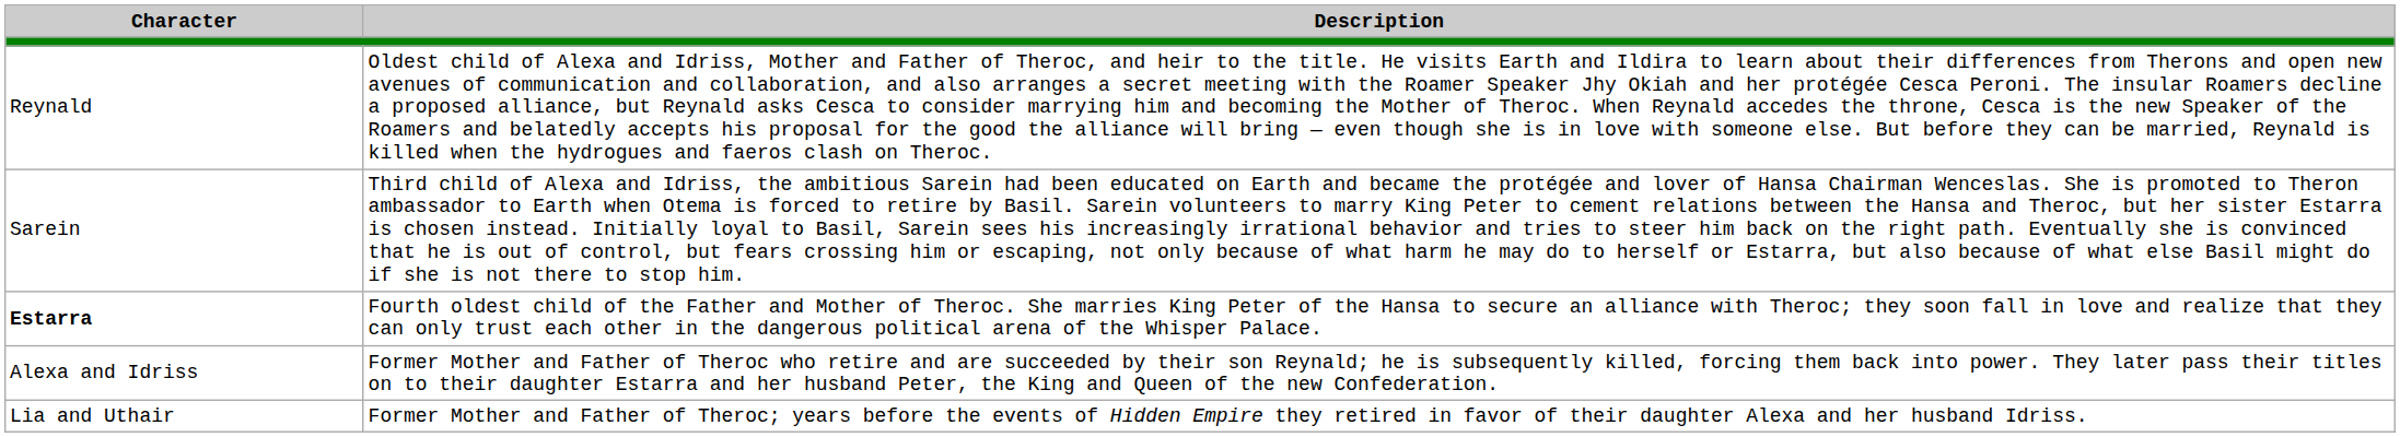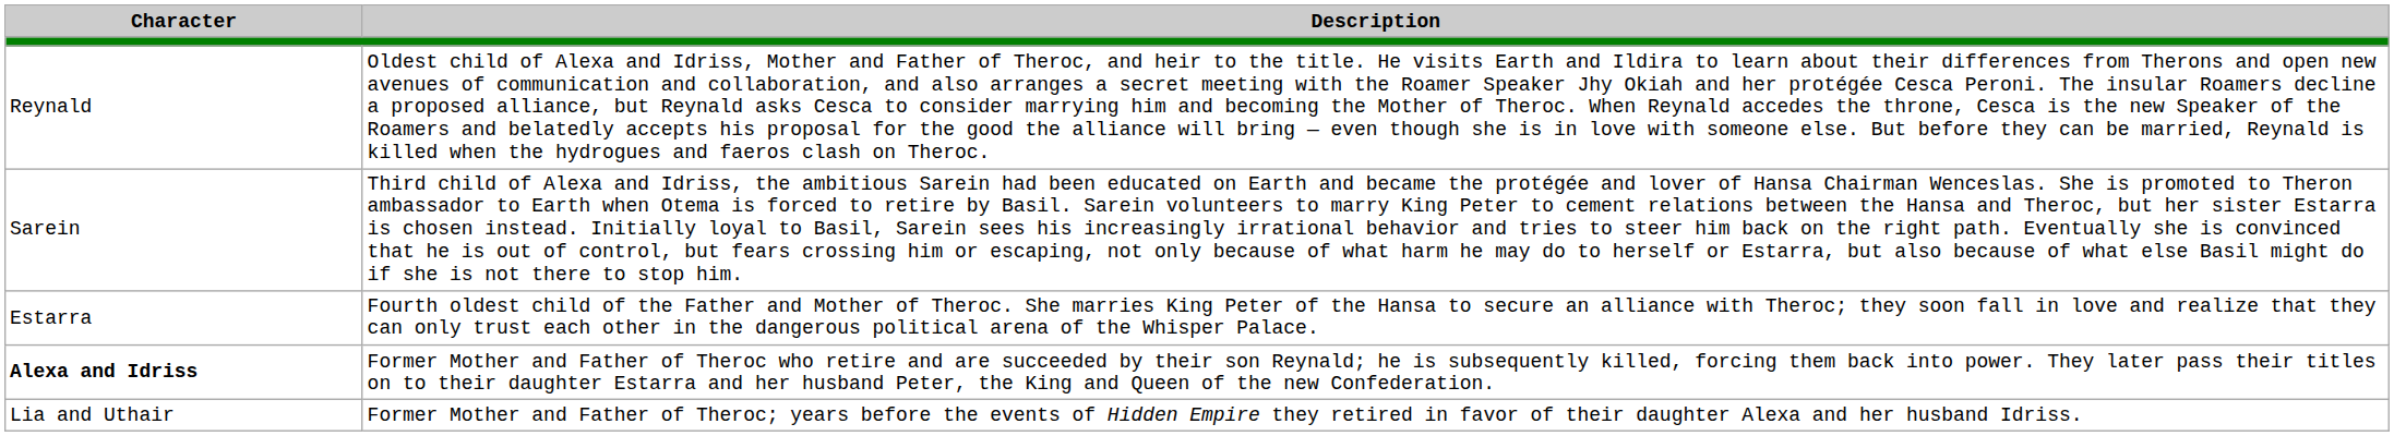 <table class="wikitable" style="width:100%; margin-right:auto; background:#fff;">
 <tr style="color:black">
 <th style="background:#ccc; width:15%;">Character</th>
 <th style="background:#ccc; width:85%;">Description</th>
 </tr>
 <tr>
 <td colspan="3" style="background:green;"></td>
 </tr>
 <tr>
 <td>Reynald</td>
 <td>Oldest child of Alexa and Idriss, Mother and Father of Theroc, and heir to the title. He visits Earth and Ildira to learn about their differences from Therons and open new avenues of communication and collaboration, and also arranges a secret meeting with the Roamer Speaker Jhy Okiah and her protégée Cesca Peroni. The insular Roamers decline a proposed alliance, but Reynald asks Cesca to consider marrying him and becoming the Mother of Theroc. When Reynald accedes the throne, Cesca is the new Speaker of the Roamers and belatedly accepts his proposal for the good the alliance will bring — even though she is in love with someone else. But before they can be married, Reynald is killed when the hydrogues and faeros clash on Theroc.</td>
 </tr>
 <tr>
 <td>Sarein</td>
 <td>Third child of Alexa and Idriss, the ambitious Sarein had been educated on Earth and became the protégée and lover of Hansa Chairman Wenceslas. She is promoted to Theron ambassador to Earth when Otema is forced to retire by Basil. Sarein volunteers to marry King Peter to cement relations between the Hansa and Theroc, but her sister Estarra is chosen instead. Initially loyal to Basil, Sarein sees his increasingly irrational behavior and tries to steer him back on the right path. Eventually she is convinced that he is out of control, but fears crossing him or escaping, not only because of what harm he may do to herself or Estarra, but also because of what else Basil might do if she is not there to stop him.</td>
 </tr>
 <tr>
-<td><strong>Estarra</strong></td>
+<td>Estarra</td>
 <td>Fourth oldest child of the Father and Mother of Theroc. She marries King Peter of the Hansa to secure an alliance with Theroc; they soon fall in love and realize that they can only trust each other in the dangerous political arena of the Whisper Palace.</td>
 </tr>
 <tr>
-<td>Alexa and Idriss</td>
+<td><strong>Alexa and Idriss</strong></td>
 <td>Former Mother and Father of Theroc who retire and are succeeded by their son Reynald; he is subsequently killed, forcing them back into power. They later pass their titles on to their daughter Estarra and her husband Peter, the King and Queen of the new Confederation.</td>
 </tr>
 <tr>
 <td>Lia and Uthair</td>
 <td>Former Mother and Father of Theroc; years before the events of <em>Hidden Empire</em> they retired in favor of their daughter Alexa and her husband Idriss.</td>
 </tr>
 </table>
